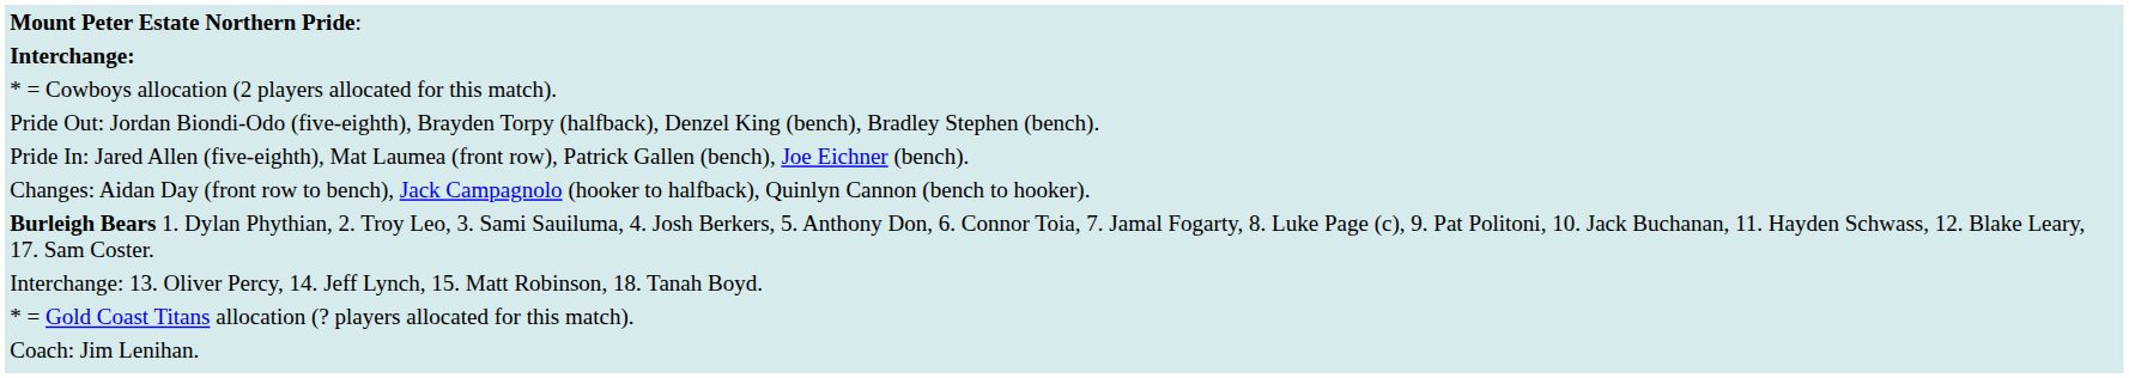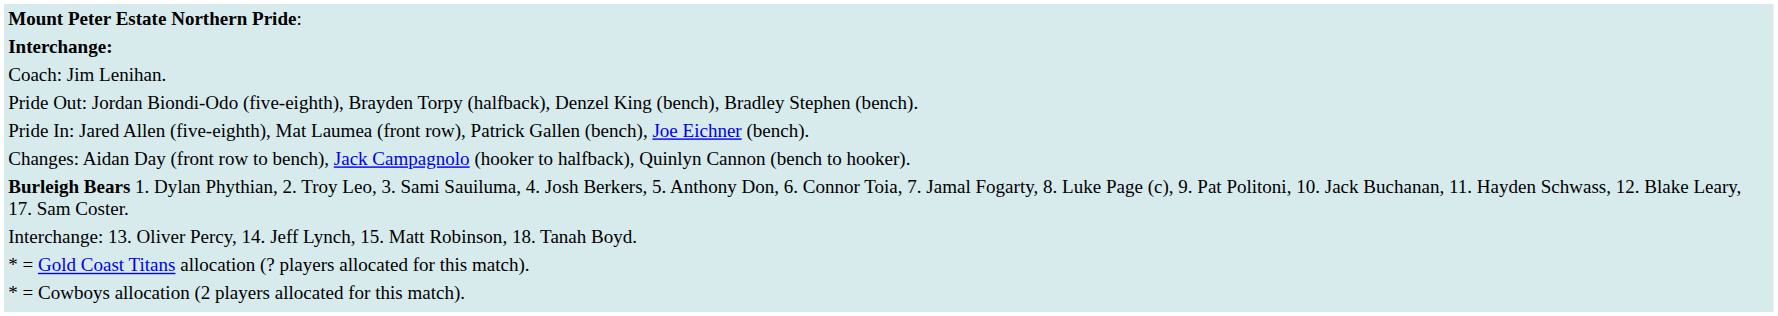 <table style="background:#d7ebed; font-size:85%; width:100%;">
 <tr>
 <td><strong>Mount Peter Estate Northern Pride</strong>:            </td>
 </tr>
 <tr>
 <td><strong>Interchange:    </strong></td>
 </tr>
 <tr>
-<td>* = Cowboys allocation (2 players allocated for this match).</td>
+<td>Coach: Jim Lenihan.</td>
 </tr>
 <tr>
 <td>Pride Out: Jordan Biondi-Odo (five-eighth), Brayden Torpy (halfback), Denzel King (bench), Bradley Stephen (bench).</td>
 </tr>
 <tr>
 <td>Pride In: Jared Allen (five-eighth), Mat Laumea (front row), Patrick Gallen (bench), <a href='#'>Joe Eichner</a> (bench).</td>
 </tr>
 <tr>
 <td>Changes: Aidan Day (front row to bench), <a href='#'>Jack Campagnolo</a> (hooker to halfback), Quinlyn Cannon (bench to hooker).</td>
 </tr>
 <tr>
 <td><strong>Burleigh Bears</strong> 1. Dylan Phythian, 2. Troy Leo, 3. Sami Sauiluma, 4. Josh Berkers, 5. Anthony Don, 6. Connor Toia, 7. Jamal Fogarty, 8. Luke Page (c), 9. Pat Politoni, 10. Jack Buchanan, 11. Hayden Schwass, 12. Blake Leary, 17. Sam Coster.</td>
 </tr>
 <tr>
 <td>Interchange: 13. Oliver Percy, 14. Jeff Lynch, 15. Matt Robinson, 18. Tanah Boyd.</td>
 </tr>
 <tr>
 <td>* = <a href='#'>Gold Coast Titans</a> allocation (? players allocated for this match).</td>
 </tr>
 <tr>
-<td>Coach: Jim Lenihan.</td>
+<td>* = Cowboys allocation (2 players allocated for this match).</td>
 </tr>
 <tr>
 </tr>
 </table>
